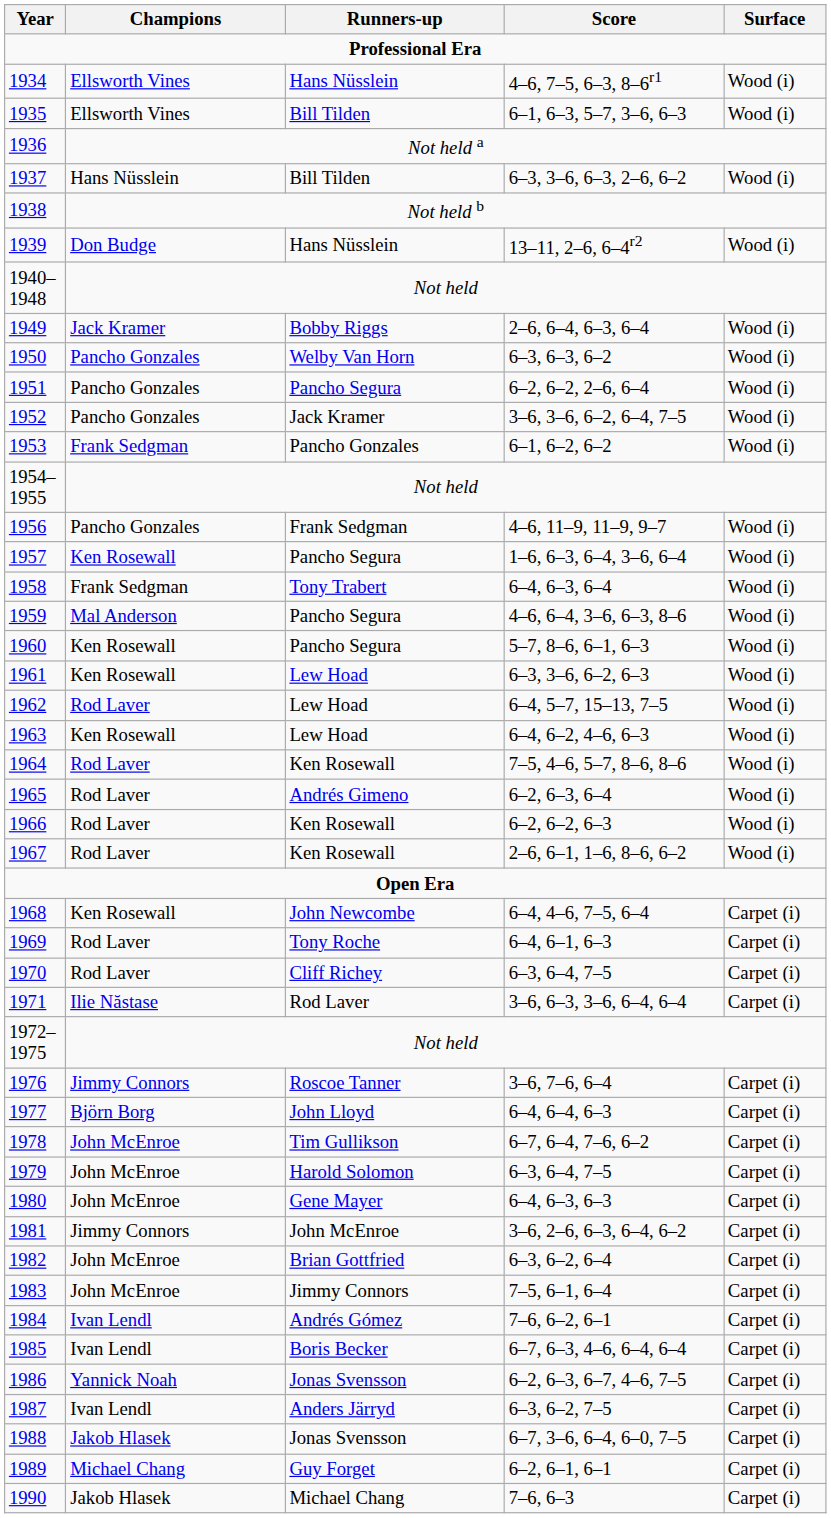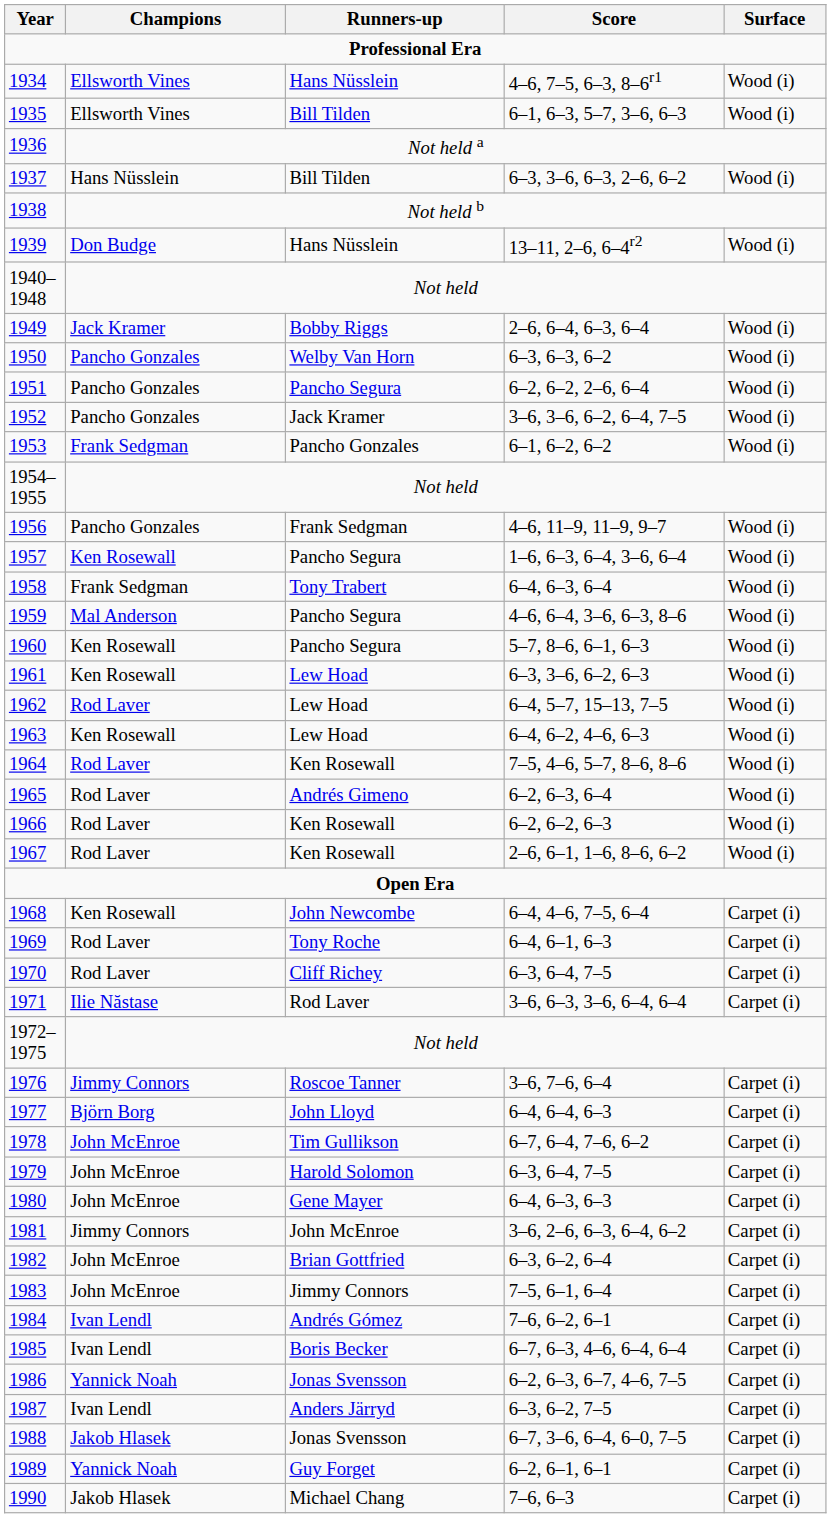 <table class="wikitable">
 <tr>
 <th style="width:45px">Year</th>
 <th style="width:180px">Champions</th>
 <th style="width:180px">Runners-up</th>
 <th style="width:180px" class="unsortable">Score</th>
 <th style="width:80px;">Surface</th>
 </tr>
 <tr>
 <td colspan="5" style="text-align:center;"><strong>Professional Era</strong></td>
 </tr>
 <tr>
 <td><a href='#'>1934</a></td>
 <td> <a href='#'>Ellsworth Vines</a></td>
 <td> <a href='#'>Hans Nüsslein</a></td>
 <td>4–6, 7–5, 6–3, 8–6<sup>r1</sup> </td>
 <td>Wood (i)</td>
 </tr>
 <tr>
 <td><a href='#'>1935</a></td>
 <td> Ellsworth Vines</td>
 <td> <a href='#'>Bill Tilden</a></td>
 <td>6–1, 6–3, 5–7, 3–6, 6–3 </td>
 <td>Wood (i)</td>
 </tr>
 <tr>
 <td><a href='#'>1936</a></td>
 <td colspan="4" style="text-align:center; background:"><em>Not held</em> <sup>a</sup> </td>
 </tr>
 <tr>
 <td><a href='#'>1937</a></td>
 <td> Hans Nüsslein</td>
 <td> Bill Tilden</td>
 <td>6–3, 3–6, 6–3, 2–6, 6–2 </td>
 <td>Wood (i)</td>
 </tr>
 <tr>
 <td><a href='#'>1938</a></td>
 <td colspan="4" style="text-align:center; background:"><em>Not held</em> <sup>b</sup> </td>
 </tr>
 <tr>
 <td><a href='#'>1939</a></td>
 <td> <a href='#'>Don Budge</a></td>
 <td> Hans Nüsslein</td>
 <td>13–11, 2–6, 6–4<sup>r2</sup> </td>
 <td>Wood (i)</td>
 </tr>
 <tr>
 <td style="background:">1940–1948</td>
 <td colspan="4" style="text-align:center; background:"><em>Not held</em></td>
 </tr>
 <tr>
 <td><a href='#'>1949</a></td>
 <td> <a href='#'>Jack Kramer</a></td>
 <td> <a href='#'>Bobby Riggs</a></td>
 <td>2–6, 6–4, 6–3, 6–4 </td>
 <td>Wood (i)</td>
 </tr>
 <tr>
 <td><a href='#'>1950</a></td>
 <td> <a href='#'>Pancho Gonzales</a></td>
 <td> <a href='#'>Welby Van Horn</a></td>
 <td>6–3, 6–3, 6–2 </td>
 <td>Wood (i)</td>
 </tr>
 <tr>
 <td><a href='#'>1951</a></td>
 <td> Pancho Gonzales</td>
 <td> <a href='#'>Pancho Segura</a></td>
 <td>6–2, 6–2, 2–6, 6–4 </td>
 <td>Wood (i)</td>
 </tr>
 <tr>
 <td><a href='#'>1952</a></td>
 <td> Pancho Gonzales</td>
 <td> Jack Kramer</td>
 <td>3–6, 3–6, 6–2, 6–4, 7–5 </td>
 <td>Wood (i)</td>
 </tr>
 <tr>
 <td><a href='#'>1953</a></td>
 <td> <a href='#'>Frank Sedgman</a></td>
 <td> Pancho Gonzales</td>
 <td>6–1, 6–2, 6–2 </td>
 <td>Wood (i)</td>
 </tr>
 <tr>
 <td style="background:">1954–1955</td>
 <td colspan="4" style="text-align:center; background:"><em>Not held</em></td>
 </tr>
 <tr>
 <td><a href='#'>1956</a></td>
 <td> Pancho Gonzales</td>
 <td> Frank Sedgman</td>
 <td>4–6, 11–9, 11–9, 9–7 </td>
 <td>Wood (i)</td>
 </tr>
 <tr>
 <td><a href='#'>1957</a></td>
 <td> <a href='#'>Ken Rosewall</a></td>
 <td> Pancho Segura</td>
 <td>1–6, 6–3, 6–4, 3–6, 6–4 </td>
 <td>Wood (i)</td>
 </tr>
 <tr>
 <td><a href='#'>1958</a></td>
 <td> Frank Sedgman</td>
 <td> <a href='#'>Tony Trabert</a></td>
 <td>6–4, 6–3, 6–4 </td>
 <td>Wood (i)</td>
 </tr>
 <tr>
 <td><a href='#'>1959</a></td>
 <td> <a href='#'>Mal Anderson</a></td>
 <td> Pancho Segura</td>
 <td>4–6, 6–4, 3–6, 6–3, 8–6 </td>
 <td>Wood (i)</td>
 </tr>
 <tr>
 <td><a href='#'>1960</a></td>
 <td> Ken Rosewall</td>
 <td> Pancho Segura</td>
 <td>5–7, 8–6, 6–1, 6–3 </td>
 <td>Wood (i)</td>
 </tr>
 <tr>
 <td><a href='#'>1961</a></td>
 <td> Ken Rosewall</td>
 <td> <a href='#'>Lew Hoad</a></td>
 <td>6–3, 3–6, 6–2, 6–3 </td>
 <td>Wood (i)</td>
 </tr>
 <tr>
 <td><a href='#'>1962</a></td>
 <td> <a href='#'>Rod Laver</a></td>
 <td> Lew Hoad</td>
 <td>6–4, 5–7, 15–13, 7–5 </td>
 <td>Wood (i)</td>
 </tr>
 <tr>
 <td><a href='#'>1963</a></td>
 <td> Ken Rosewall</td>
 <td> Lew Hoad</td>
 <td>6–4, 6–2, 4–6, 6–3 </td>
 <td>Wood (i)</td>
 </tr>
 <tr>
 <td><a href='#'>1964</a></td>
 <td> <a href='#'>Rod Laver</a></td>
 <td> Ken Rosewall</td>
 <td>7–5, 4–6, 5–7, 8–6, 8–6 </td>
 <td>Wood (i)</td>
 </tr>
 <tr>
 <td><a href='#'>1965</a></td>
 <td> Rod Laver</td>
 <td> <a href='#'>Andrés Gimeno</a></td>
 <td>6–2, 6–3, 6–4 </td>
 <td>Wood (i)</td>
 </tr>
 <tr>
 <td><a href='#'>1966</a></td>
 <td> Rod Laver</td>
 <td> Ken Rosewall</td>
 <td>6–2, 6–2, 6–3 </td>
 <td>Wood (i)</td>
 </tr>
 <tr>
 <td><a href='#'>1967</a></td>
 <td> Rod Laver</td>
 <td> Ken Rosewall</td>
 <td>2–6, 6–1, 1–6, 8–6, 6–2 </td>
 <td>Wood (i)</td>
 </tr>
 <tr>
 <td colspan="5" style="text-align:center;"><strong>Open Era</strong></td>
 </tr>
 <tr>
 <td><a href='#'>1968</a></td>
 <td> Ken Rosewall</td>
 <td> <a href='#'>John Newcombe</a></td>
 <td>6–4, 4–6, 7–5, 6–4</td>
 <td>Carpet (i)</td>
 </tr>
 <tr>
 <td><a href='#'>1969</a></td>
 <td> Rod Laver</td>
 <td> <a href='#'>Tony Roche</a></td>
 <td>6–4, 6–1, 6–3</td>
 <td>Carpet (i)</td>
 </tr>
 <tr>
 <td><a href='#'>1970</a></td>
 <td> Rod Laver</td>
 <td> <a href='#'>Cliff Richey</a></td>
 <td>6–3, 6–4, 7–5</td>
 <td>Carpet (i)</td>
 </tr>
 <tr>
 <td><a href='#'>1971</a></td>
 <td> <a href='#'>Ilie Năstase</a></td>
 <td> Rod Laver</td>
 <td>3–6, 6–3, 3–6, 6–4, 6–4</td>
 <td>Carpet (i)</td>
 </tr>
 <tr>
 <td style="background:">1972–1975</td>
 <td colspan="4" style="text-align:center; background:"><em>Not held</em></td>
 </tr>
 <tr>
 <td><a href='#'>1976</a></td>
 <td> <a href='#'>Jimmy Connors</a></td>
 <td> <a href='#'>Roscoe Tanner</a></td>
 <td>3–6, 7–6, 6–4</td>
 <td>Carpet (i)</td>
 </tr>
 <tr>
 <td><a href='#'>1977</a></td>
 <td> <a href='#'>Björn Borg</a></td>
 <td> <a href='#'>John Lloyd</a></td>
 <td>6–4, 6–4, 6–3</td>
 <td>Carpet (i)</td>
 </tr>
 <tr>
 <td><a href='#'>1978</a></td>
 <td> <a href='#'>John McEnroe</a></td>
 <td> <a href='#'>Tim Gullikson</a></td>
 <td>6–7, 6–4, 7–6, 6–2</td>
 <td>Carpet (i)</td>
 </tr>
 <tr>
 <td><a href='#'>1979</a></td>
 <td> John McEnroe</td>
 <td> <a href='#'>Harold Solomon</a></td>
 <td>6–3, 6–4, 7–5</td>
 <td>Carpet (i)</td>
 </tr>
 <tr>
 <td><a href='#'>1980</a></td>
 <td> John McEnroe</td>
 <td> <a href='#'>Gene Mayer</a></td>
 <td>6–4, 6–3, 6–3</td>
 <td>Carpet (i)</td>
 </tr>
 <tr>
 <td><a href='#'>1981</a></td>
 <td> Jimmy Connors</td>
 <td> John McEnroe</td>
 <td>3–6, 2–6, 6–3, 6–4, 6–2</td>
 <td>Carpet (i)</td>
 </tr>
 <tr>
 <td><a href='#'>1982</a></td>
 <td> John McEnroe</td>
 <td> <a href='#'>Brian Gottfried</a></td>
 <td>6–3, 6–2, 6–4</td>
 <td>Carpet (i)</td>
 </tr>
 <tr>
 <td><a href='#'>1983</a></td>
 <td> John McEnroe</td>
 <td> Jimmy Connors</td>
 <td>7–5, 6–1, 6–4</td>
 <td>Carpet (i)</td>
 </tr>
 <tr>
 <td><a href='#'>1984</a></td>
 <td> <a href='#'>Ivan Lendl</a></td>
 <td> <a href='#'>Andrés Gómez</a></td>
 <td>7–6, 6–2, 6–1</td>
 <td>Carpet (i)</td>
 </tr>
 <tr>
 <td><a href='#'>1985</a></td>
 <td> Ivan Lendl</td>
 <td> <a href='#'>Boris Becker</a></td>
 <td>6–7, 6–3, 4–6, 6–4, 6–4</td>
 <td>Carpet (i)</td>
 </tr>
 <tr>
 <td><a href='#'>1986</a></td>
 <td> <a href='#'>Yannick Noah</a></td>
 <td> <a href='#'>Jonas Svensson</a></td>
 <td>6–2, 6–3, 6–7, 4–6, 7–5</td>
 <td>Carpet (i)</td>
 </tr>
 <tr>
 <td><a href='#'>1987</a></td>
 <td> Ivan Lendl</td>
 <td> <a href='#'>Anders Järryd</a></td>
 <td>6–3, 6–2, 7–5</td>
 <td>Carpet (i)</td>
 </tr>
 <tr>
 <td><a href='#'>1988</a></td>
 <td> <a href='#'>Jakob Hlasek</a></td>
 <td> Jonas Svensson</td>
 <td>6–7, 3–6, 6–4, 6–0, 7–5</td>
 <td>Carpet (i)</td>
 </tr>
 <tr>
 <td><a href='#'>1989</a></td>
-<td> <a href='#'>Michael Chang</a></td>
+<td> <a href='#'>Yannick Noah</a></td>
 <td> <a href='#'>Guy Forget</a></td>
 <td>6–2, 6–1, 6–1</td>
 <td>Carpet (i)</td>
 </tr>
 <tr>
 <td><a href='#'>1990</a></td>
 <td> Jakob Hlasek</td>
 <td> Michael Chang</td>
 <td>7–6, 6–3</td>
 <td>Carpet (i)</td>
 </tr>
 </table>
